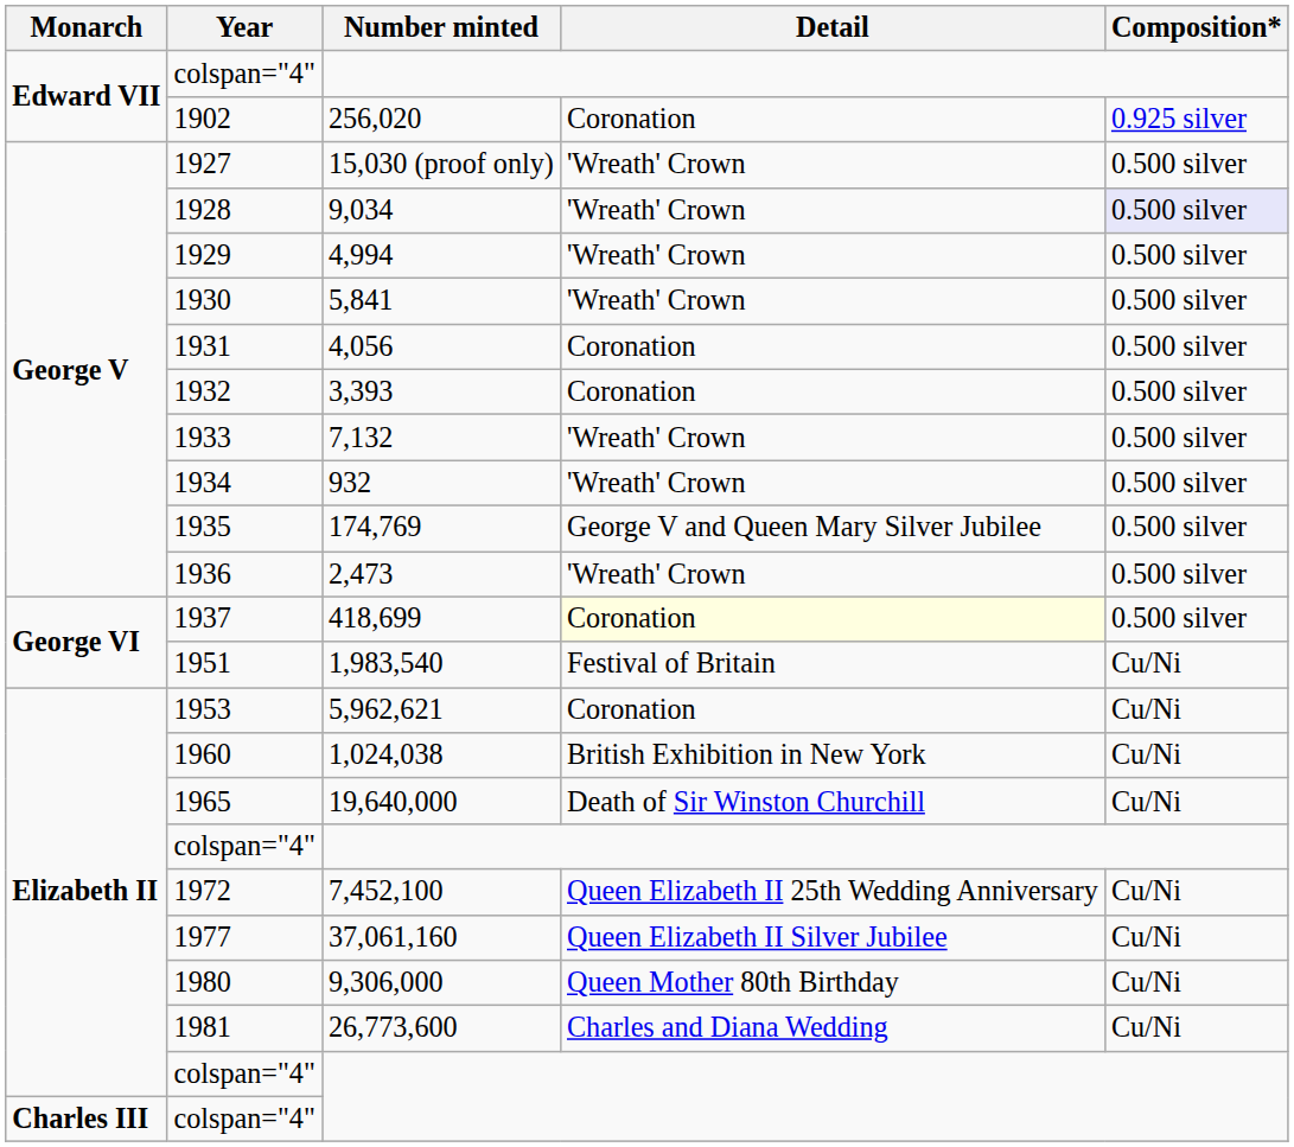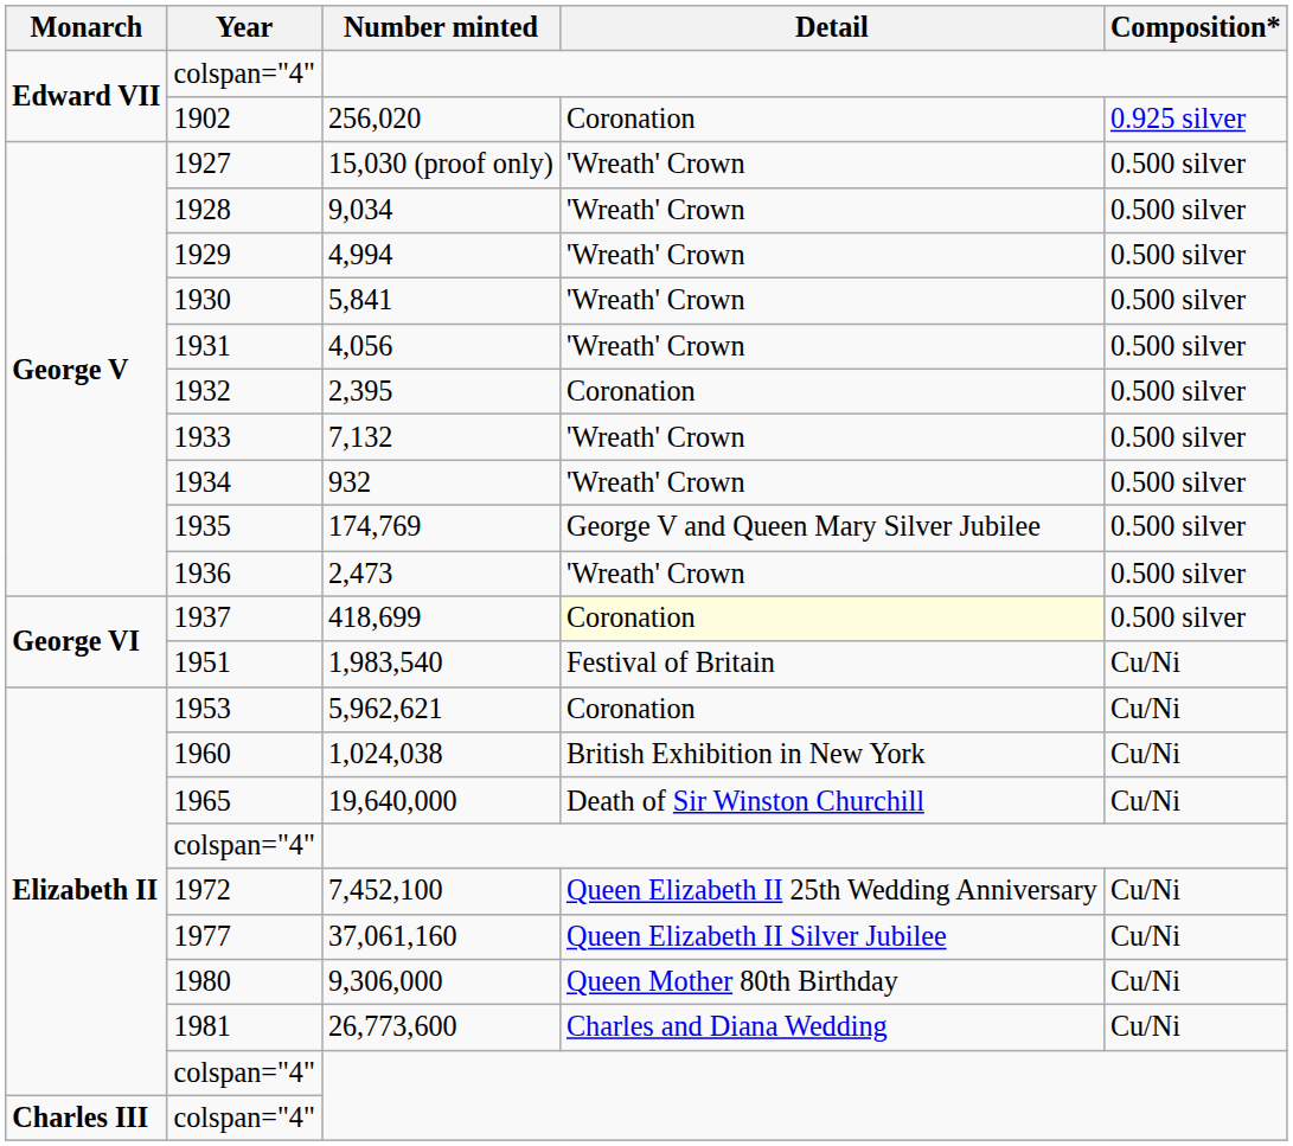 <table class="wikitable" border="1">
 <tr>
 <th>Monarch</th>
 <th>Year</th>
 <th>Number minted</th>
 <th>Detail</th>
 <th>Composition*</th>
 </tr>
 <tr>
 <td rowspan="2"><strong>Edward VII </strong></td>
 <td>colspan="4" </td>
 </tr>
 <tr>
 <td>1902</td>
 <td>256,020</td>
 <td>Coronation</td>
 <td><a href='#'>0.925 silver</a></td>
 </tr>
 <tr>
 <td rowspan="10"><strong>George V</strong></td>
 <td>1927</td>
 <td>15,030 (proof only)</td>
 <td>'Wreath' Crown</td>
 <td>0.500 silver</td>
 </tr>
 <tr>
 <td>1928</td>
 <td>9,034</td>
 <td>'Wreath' Crown</td>
-<td style="background: lavender;">0.500 silver</td>
+<td>0.500 silver</td>
 </tr>
 <tr>
 <td>1929</td>
 <td>4,994</td>
 <td>'Wreath' Crown</td>
 <td>0.500 silver</td>
 </tr>
 <tr>
 <td>1930</td>
 <td>5,841</td>
 <td>'Wreath' Crown</td>
 <td>0.500 silver</td>
 </tr>
 <tr>
 <td>1931</td>
 <td>4,056</td>
-<td>Coronation</td>
+<td>'Wreath' Crown</td>
 <td>0.500 silver</td>
 </tr>
 <tr>
 <td>1932</td>
-<td>3,393</td>
+<td>2,395</td>
 <td>Coronation</td>
 <td>0.500 silver</td>
 </tr>
 <tr>
 <td>1933</td>
 <td>7,132</td>
 <td>'Wreath' Crown</td>
 <td>0.500 silver</td>
 </tr>
 <tr>
 <td>1934</td>
 <td>932</td>
 <td>'Wreath' Crown</td>
 <td>0.500 silver</td>
 </tr>
 <tr>
 <td>1935</td>
 <td>174,769</td>
 <td>George V and Queen Mary Silver Jubilee</td>
 <td>0.500 silver</td>
 </tr>
 <tr>
 <td>1936</td>
 <td>2,473</td>
 <td>'Wreath' Crown</td>
 <td>0.500 silver</td>
 </tr>
 <tr>
 <td rowspan="2"><strong>George VI</strong></td>
 <td>1937</td>
 <td>418,699</td>
 <td style="background: lightyellow;">Coronation</td>
 <td>0.500 silver</td>
 </tr>
 <tr>
 <td>1951</td>
 <td>1,983,540</td>
 <td>Festival of Britain</td>
 <td>Cu/Ni</td>
 </tr>
 <tr>
 <td rowspan="9"><strong>Elizabeth II</strong></td>
 <td>1953</td>
 <td>5,962,621</td>
 <td>Coronation</td>
 <td>Cu/Ni</td>
 </tr>
 <tr>
 <td>1960</td>
 <td>1,024,038</td>
 <td>British Exhibition in New York</td>
 <td>Cu/Ni</td>
 </tr>
 <tr>
 <td>1965</td>
 <td>19,640,000</td>
 <td>Death of <a href='#'>Sir Winston Churchill</a></td>
 <td>Cu/Ni</td>
 </tr>
 <tr>
 <td>colspan="4" </td>
 </tr>
 <tr>
 <td>1972</td>
 <td>7,452,100</td>
 <td><a href='#'>Queen Elizabeth II</a> 25th Wedding Anniversary</td>
 <td>Cu/Ni</td>
 </tr>
 <tr>
 <td>1977</td>
 <td>37,061,160</td>
 <td><a href='#'>Queen Elizabeth II Silver Jubilee</a></td>
 <td>Cu/Ni</td>
 </tr>
 <tr>
 <td>1980</td>
 <td>9,306,000</td>
 <td><a href='#'>Queen Mother</a> 80th Birthday</td>
 <td>Cu/Ni</td>
 </tr>
 <tr>
 <td>1981</td>
 <td>26,773,600</td>
 <td><a href='#'>Charles and Diana Wedding</a></td>
 <td>Cu/Ni</td>
 </tr>
 <tr>
 <td>colspan="4" </td>
 </tr>
 <tr>
 <td><strong>Charles III</strong></td>
 <td>colspan="4" </td>
 </tr>
 </table>
